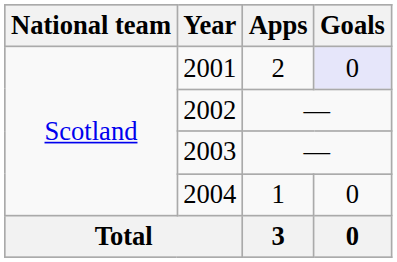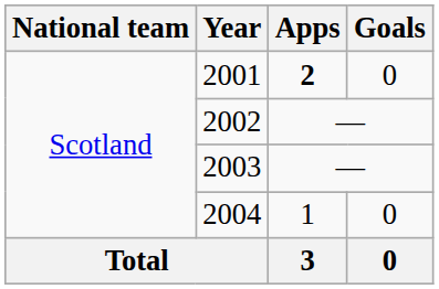 <table class="wikitable" style="text-align:center">
 <tr>
 <th>National team</th>
 <th>Year</th>
 <th>Apps</th>
 <th>Goals</th>
 </tr>
 <tr>
 <td rowspan="4"><a href='#'>Scotland</a></td>
 <td>2001</td>
-<td>2</td>
-<td style="background: lavender;">0</td>
+<td><strong>2</strong></td>
+<td>0</td>
 </tr>
 <tr>
 <td>2002</td>
 <td colspan="2">—</td>
 </tr>
 <tr>
 <td>2003</td>
 <td colspan="2">—</td>
 </tr>
 <tr>
 <td>2004</td>
 <td>1</td>
 <td>0</td>
 </tr>
 <tr>
 <th colspan="2">Total</th>
 <th>3</th>
 <th>0</th>
 </tr>
 </table>
